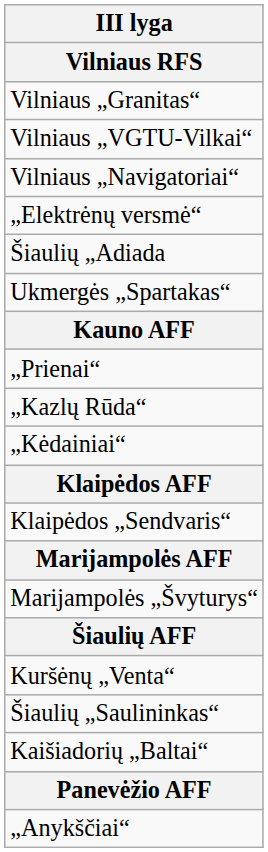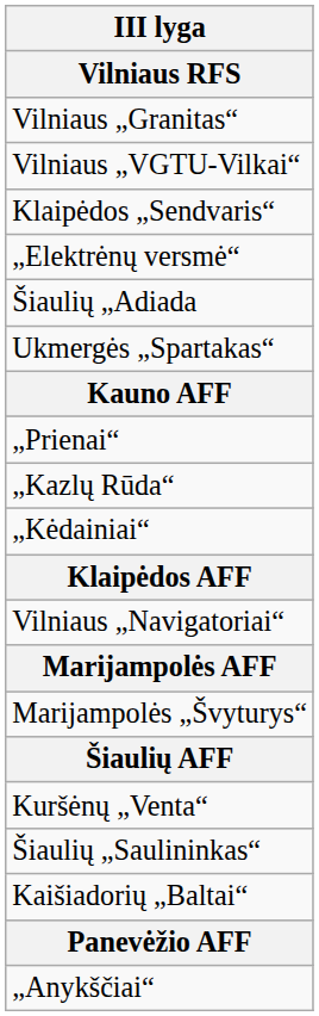 <table class="wikitable">
 <tr>
 <th>III lyga</th>
 </tr>
 <tr>
 <th>Vilniaus RFS</th>
 </tr>
 <tr>
 <td>Vilniaus „Granitas“</td>
 </tr>
 <tr>
 <td>Vilniaus „VGTU-Vilkai“</td>
 </tr>
 <tr>
-<td>Vilniaus „Navigatoriai“</td>
+<td>Klaipėdos „Sendvaris“</td>
 </tr>
 <tr>
 <td>„Elektrėnų versmė“</td>
 </tr>
 <tr>
 <td>Šiaulių „Adiada</td>
 </tr>
 <tr>
 <td>Ukmergės „Spartakas“</td>
 </tr>
 <tr>
 <th>Kauno AFF</th>
 </tr>
 <tr>
 <td>„Prienai“</td>
 </tr>
 <tr>
 <td>„Kazlų Rūda“</td>
 </tr>
 <tr>
 <td>„Kėdainiai“</td>
 </tr>
 <tr>
 <th>Klaipėdos AFF</th>
 </tr>
 <tr>
-<td>Klaipėdos „Sendvaris“</td>
+<td>Vilniaus „Navigatoriai“</td>
 </tr>
 <tr>
 <th>Marijampolės AFF</th>
 </tr>
 <tr>
 <td>Marijampolės „Švyturys“</td>
 </tr>
 <tr>
 <th>Šiaulių AFF</th>
 </tr>
 <tr>
 <td>Kuršėnų „Venta“</td>
 </tr>
 <tr>
 <td>Šiaulių „Saulininkas“</td>
 </tr>
 <tr>
 <td>Kaišiadorių „Baltai“</td>
 </tr>
 <tr>
 <th>Panevėžio AFF</th>
 </tr>
 <tr>
 <td>„Anykščiai“</td>
 </tr>
 </table>
